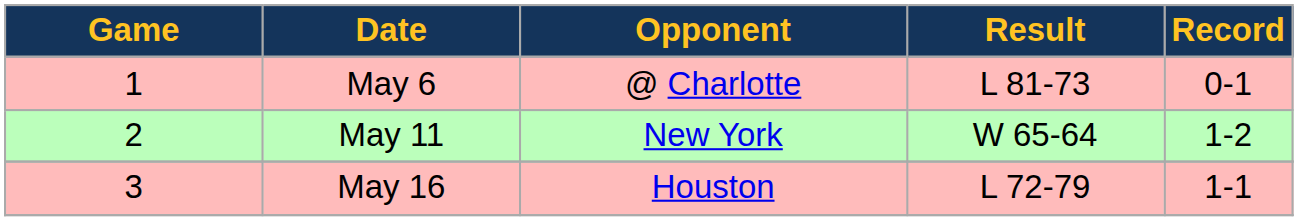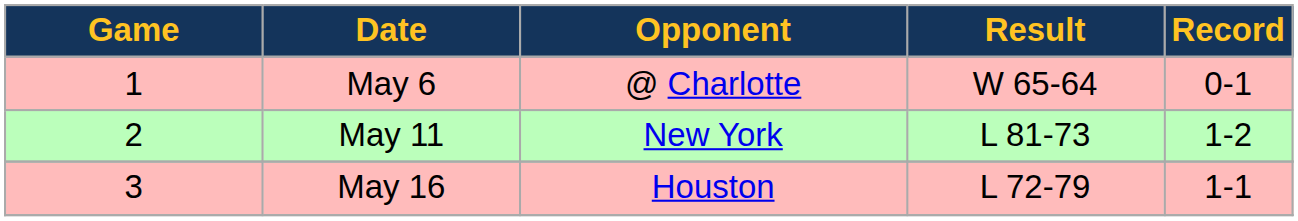 <table class="wikitable sortable sortable">
 <tr>
 <th style="background:#14345B; color:#ffc322;" width="20%">Game</th>
 <th style="background:#14345B; color:#ffc322;" width="20%">Date</th>
 <th style="background:#14345B; color:#ffc322;" width="30%">Opponent</th>
 <th style="background:#14345B; color:#ffc322;" width="20%">Result</th>
 <th style="background:#14345B; color:#ffc322;" width="20%">Record</th>
 </tr>
 <tr align="center" bgcolor="ffbbbb">
 <td>1</td>
 <td>May 6</td>
 <td>@ <a href='#'>Charlotte</a></td>
-<td>L 81-73</td>
+<td>W 65-64</td>
 <td>0-1</td>
 </tr>
 <tr align="center" bgcolor="bbffbb">
 <td>2</td>
 <td>May 11</td>
 <td><a href='#'>New York</a></td>
-<td>W 65-64</td>
+<td>L 81-73</td>
 <td>1-2</td>
 </tr>
 <tr>
 </tr>
 <tr align="center" bgcolor="ffbbbb">
 <td>3</td>
 <td>May 16</td>
 <td><a href='#'>Houston</a></td>
 <td>L 72-79</td>
 <td>1-1</td>
 </tr>
 <tr>
 </tr>
 </table>
